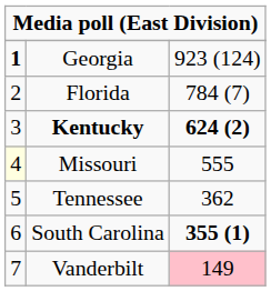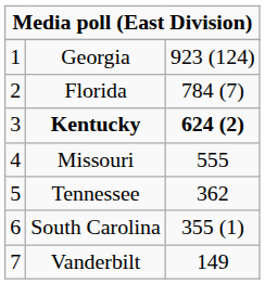 <table class="wikitable" style="display: inline-table;">
 <tr>
 <td align="center" Colspan="3"><strong>Media poll (East Division)</strong></td>
 </tr>
 <tr align="center">
 </tr>
 <tr align="center">
-<td><strong>1</strong></td>
+<td>1</td>
 <td>Georgia</td>
 <td>923 (124)</td>
 </tr>
 <tr align="center">
 <td>2</td>
 <td>Florida</td>
 <td>784 (7)</td>
 </tr>
 <tr align="center">
 <td>3</td>
 <td><strong>Kentucky</strong></td>
 <td><strong>624 (2)</strong></td>
 </tr>
 <tr align="center">
-<td style="background: lightyellow;">4</td>
+<td>4</td>
 <td>Missouri</td>
 <td>555</td>
 </tr>
 <tr align="center">
 <td>5</td>
 <td>Tennessee</td>
 <td>362</td>
 </tr>
 <tr align="center">
 <td>6</td>
 <td>South Carolina</td>
-<td><strong>355 (1)</strong></td>
+<td>355 (1)</td>
 </tr>
 <tr align="center">
 <td>7</td>
 <td>Vanderbilt</td>
-<td style="background: pink;">149</td>
+<td>149</td>
 </tr>
 </table>
